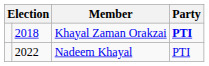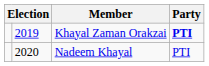 <table class="wikitable">
 <tr>
 <th colspan="2">Election</th>
 <th>Member</th>
 <th>Party</th>
 </tr>
 <tr>
 <td style="background-color: "></td>
-<td><a href='#'>2018</a></td>
+<td><a href='#'>2019</a></td>
 <td><a href='#'>Khayal Zaman Orakzai</a></td>
 <td><strong><a href='#'>PTI</a></strong></td>
 </tr>
 <tr>
 <td style="background-color: "></td>
-<td>2022</td>
+<td>2020</td>
 <td><a href='#'>Nadeem Khayal</a></td>
 <td><a href='#'>PTI</a></td>
 </tr>
 </table>
